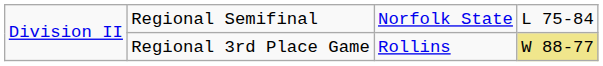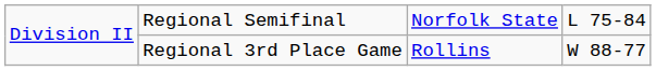 <table class="wikitable">
 <tr>
 <td rowspan="2"><a href='#'>Division II</a></td>
 <td>Regional Semifinal</td>
 <td><a href='#'>Norfolk State</a></td>
 <td>L 75-84</td>
 </tr>
 <tr>
 <td>Regional 3rd Place Game</td>
 <td><a href='#'>Rollins</a></td>
-<td style="background: khaki;">W 88-77</td>
+<td>W 88-77</td>
 </tr>
 </table>
